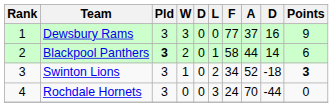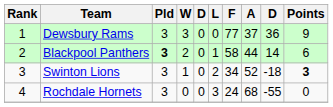 <table class="wikitable" style="text-align: center;">
 <tr>
 <th>Rank</th>
 <th>Team</th>
 <th>Pld</th>
 <th>W</th>
 <th>D</th>
 <th>L</th>
 <th>F</th>
 <th>A</th>
 <th>D</th>
 <th>Points</th>
 </tr>
 <tr bgcolor="#ccffcc">
 <td rowspan="1">1</td>
 <td align="left"><a href='#'>Dewsbury Rams</a></td>
 <td rowspan="1!">3</td>
 <td rowspan="1">3</td>
 <td rowspan="1">0</td>
 <td rowspan="1">0</td>
 <td rowspan="1">77</td>
 <td rowspan="1">37</td>
-<td rowspan="1">16</td>
+<td rowspan="1">36</td>
 <td rowspan="1!">9</td>
 </tr>
 <tr bgcolor="#ccffcc">
 <td rowspan="1">2</td>
 <td align="left"><a href='#'>Blackpool Panthers</a></td>
 <td rowspan="1"><strong>3</strong></td>
 <td rowspan="1">2</td>
 <td rowspan="1">0</td>
 <td rowspan="1">1</td>
 <td rowspan="1">58</td>
 <td rowspan="1">44</td>
 <td rowspan="1">14</td>
 <td rowspan="1!">6</td>
 </tr>
 <tr>
 <td rowspan="1">3</td>
 <td align="left"><a href='#'>Swinton Lions</a></td>
 <td rowspan="1">3</td>
 <td rowspan="1">1</td>
 <td rowspan="1">0</td>
 <td rowspan="1">2</td>
 <td rowspan="1">34</td>
 <td rowspan="1">52</td>
 <td rowspan="1">-18</td>
 <td rowspan="1!"><strong>3</strong></td>
 </tr>
 <tr>
 <td rowspan="1">4</td>
 <td align="left"><a href='#'>Rochdale Hornets</a></td>
 <td rowspan="1">3</td>
 <td rowspan="1">0</td>
 <td rowspan="1">0</td>
 <td rowspan="1">3</td>
 <td rowspan="1">24</td>
-<td rowspan="1">70</td>
-<td rowspan="1">-44</td>
+<td rowspan="1">68</td>
+<td rowspan="1">-55</td>
 <td rowspan="1!">0</td>
 </tr>
 <tr>
 </tr>
 </table>
